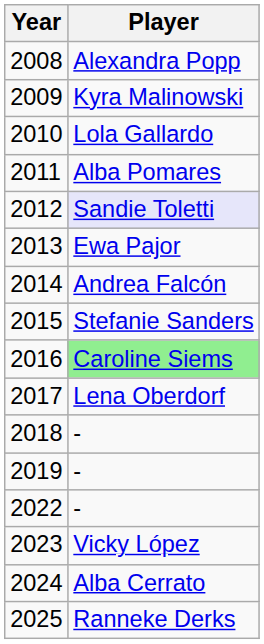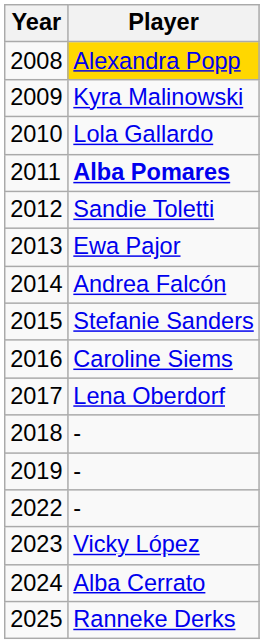 <table class="wikitable">
 <tr>
 <th>Year</th>
 <th>Player</th>
 </tr>
 <tr>
 <td>2008</td>
-<td> <a href='#'>Alexandra Popp</a></td>
+<td style="background: gold;"> <a href='#'>Alexandra Popp</a></td>
 </tr>
 <tr>
 <td>2009</td>
 <td> <a href='#'>Kyra Malinowski</a></td>
 </tr>
 <tr>
 <td>2010</td>
 <td> <a href='#'>Lola Gallardo</a></td>
 </tr>
 <tr>
 <td>2011</td>
-<td> <a href='#'>Alba Pomares</a></td>
+<td><strong> <a href='#'>Alba Pomares</a></strong></td>
 </tr>
 <tr>
 <td>2012</td>
-<td style="background: lavender;"> <a href='#'>Sandie Toletti</a></td>
+<td> <a href='#'>Sandie Toletti</a></td>
 </tr>
 <tr>
 <td>2013</td>
 <td> <a href='#'>Ewa Pajor</a></td>
 </tr>
 <tr>
 <td>2014</td>
 <td> <a href='#'>Andrea Falcón</a></td>
 </tr>
 <tr>
 <td>2015</td>
 <td> <a href='#'>Stefanie Sanders</a></td>
 </tr>
 <tr>
 <td>2016</td>
-<td style="background: lightgreen;"> <a href='#'>Caroline Siems</a></td>
+<td> <a href='#'>Caroline Siems</a></td>
 </tr>
 <tr>
 <td>2017</td>
 <td> <a href='#'>Lena Oberdorf</a></td>
 </tr>
 <tr>
 <td>2018</td>
 <td>-</td>
 </tr>
 <tr>
 <td>2019</td>
 <td>-</td>
 </tr>
 <tr>
 <td>2022</td>
 <td>-</td>
 </tr>
 <tr>
 <td>2023</td>
 <td> <a href='#'>Vicky López</a></td>
 </tr>
 <tr>
 <td>2024</td>
 <td> <a href='#'>Alba Cerrato</a></td>
 </tr>
 <tr>
 <td>2025</td>
 <td> <a href='#'>Ranneke Derks</a></td>
 </tr>
 </table>
